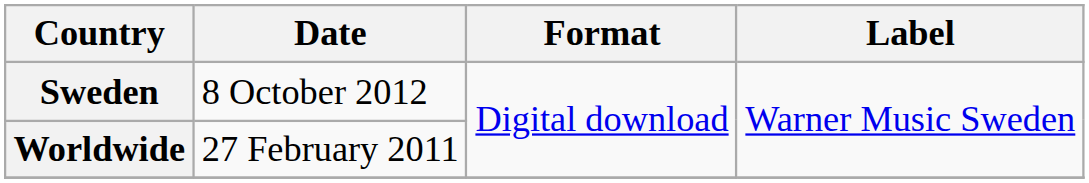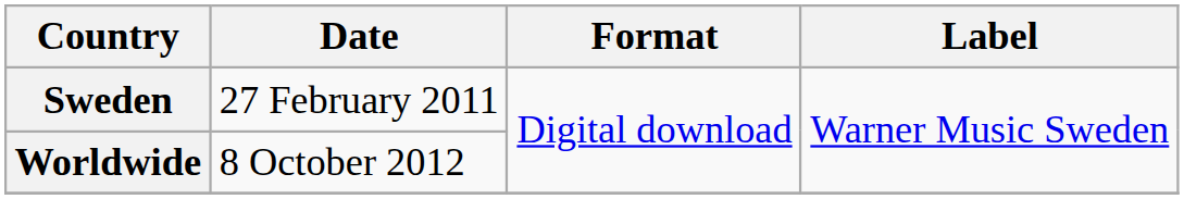 <table class="wikitable plainrowheaders">
 <tr>
 <th scope="col">Country</th>
 <th scope="col">Date</th>
 <th scope="col">Format</th>
 <th scope="col">Label</th>
 </tr>
 <tr>
 <th scope="row">Sweden</th>
-<td>8 October 2012</td>
+<td>27 February 2011</td>
 <td rowspan="2"><a href='#'>Digital download</a></td>
 <td rowspan="2"><a href='#'>Warner Music Sweden</a></td>
 </tr>
 <tr>
 <th scope="row">Worldwide</th>
-<td>27 February 2011</td>
+<td>8 October 2012</td>
 </tr>
 <tr>
 </tr>
 </table>
